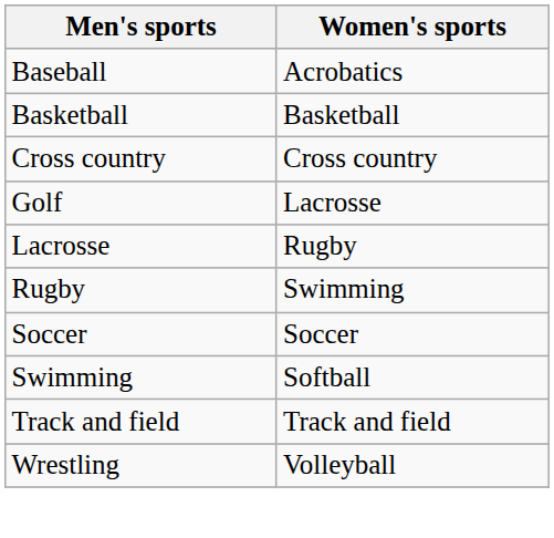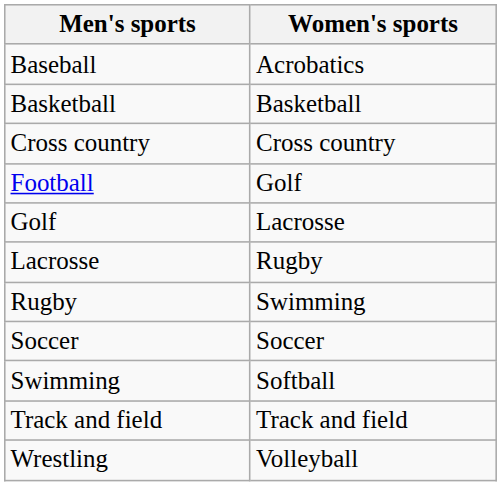 <table class="wikitable"; style= "text-align: ">
 <tr>
 <th width=150px>Men's sports</th>
 <th width=150px>Women's sports</th>
 </tr>
 <tr>
 <td>Baseball</td>
 <td>Acrobatics</td>
 </tr>
 <tr>
 <td>Basketball</td>
 <td>Basketball</td>
 </tr>
 <tr>
 <td>Cross country</td>
 <td>Cross country</td>
+</tr>
+<tr>
+<td><a href='#'>Football</a></td>
+<td>Golf</td>
 </tr>
 <tr>
 <td>Golf</td>
 <td>Lacrosse</td>
 </tr>
 <tr>
 <td>Lacrosse</td>
 <td>Rugby</td>
 </tr>
 <tr>
 <td>Rugby</td>
 <td>Swimming</td>
 </tr>
 <tr>
 <td>Soccer</td>
 <td>Soccer</td>
 </tr>
 <tr>
 <td>Swimming</td>
 <td>Softball</td>
 </tr>
 <tr>
 <td>Track and field</td>
 <td>Track and field</td>
 </tr>
 <tr>
 <td>Wrestling</td>
 <td>Volleyball</td>
 </tr>
 </table>
